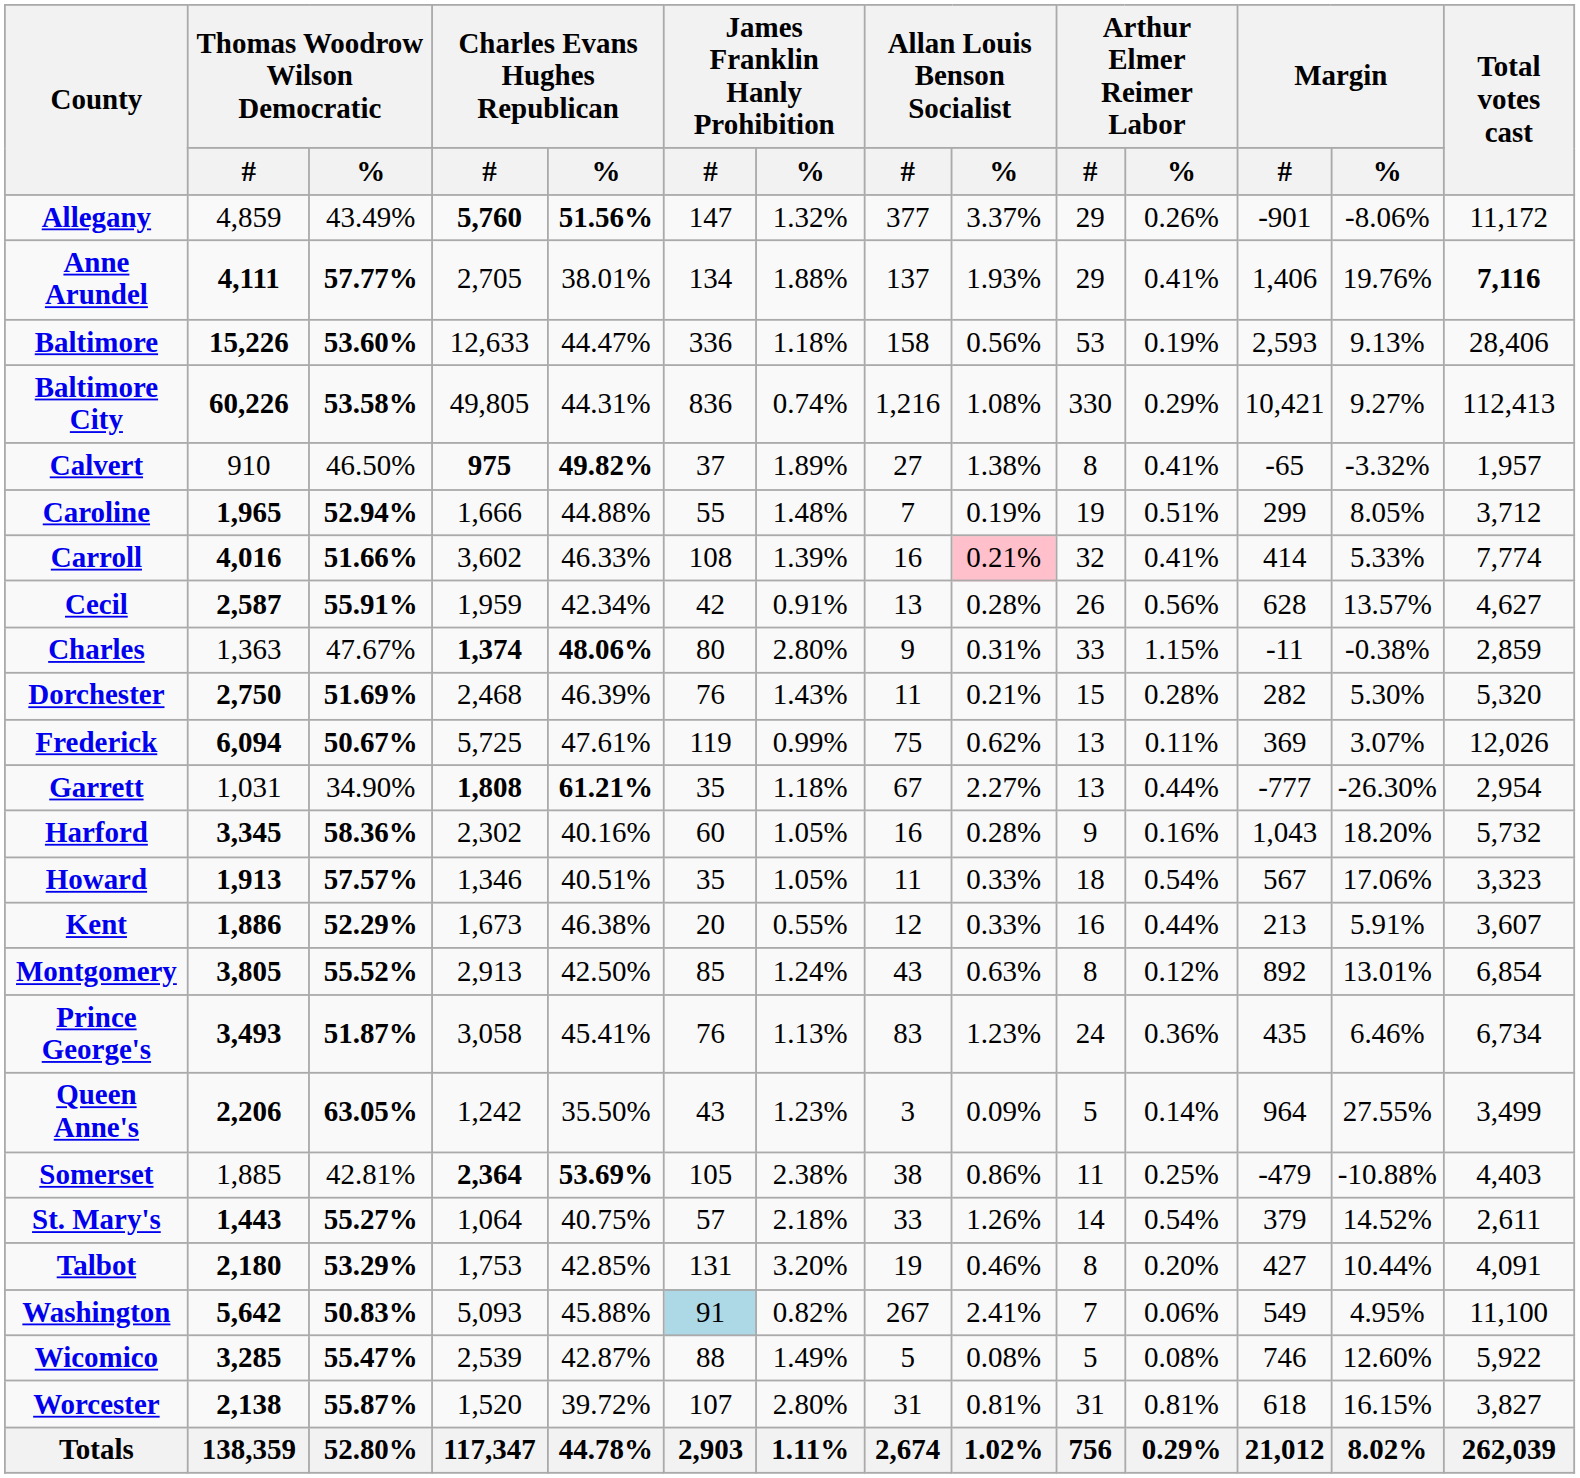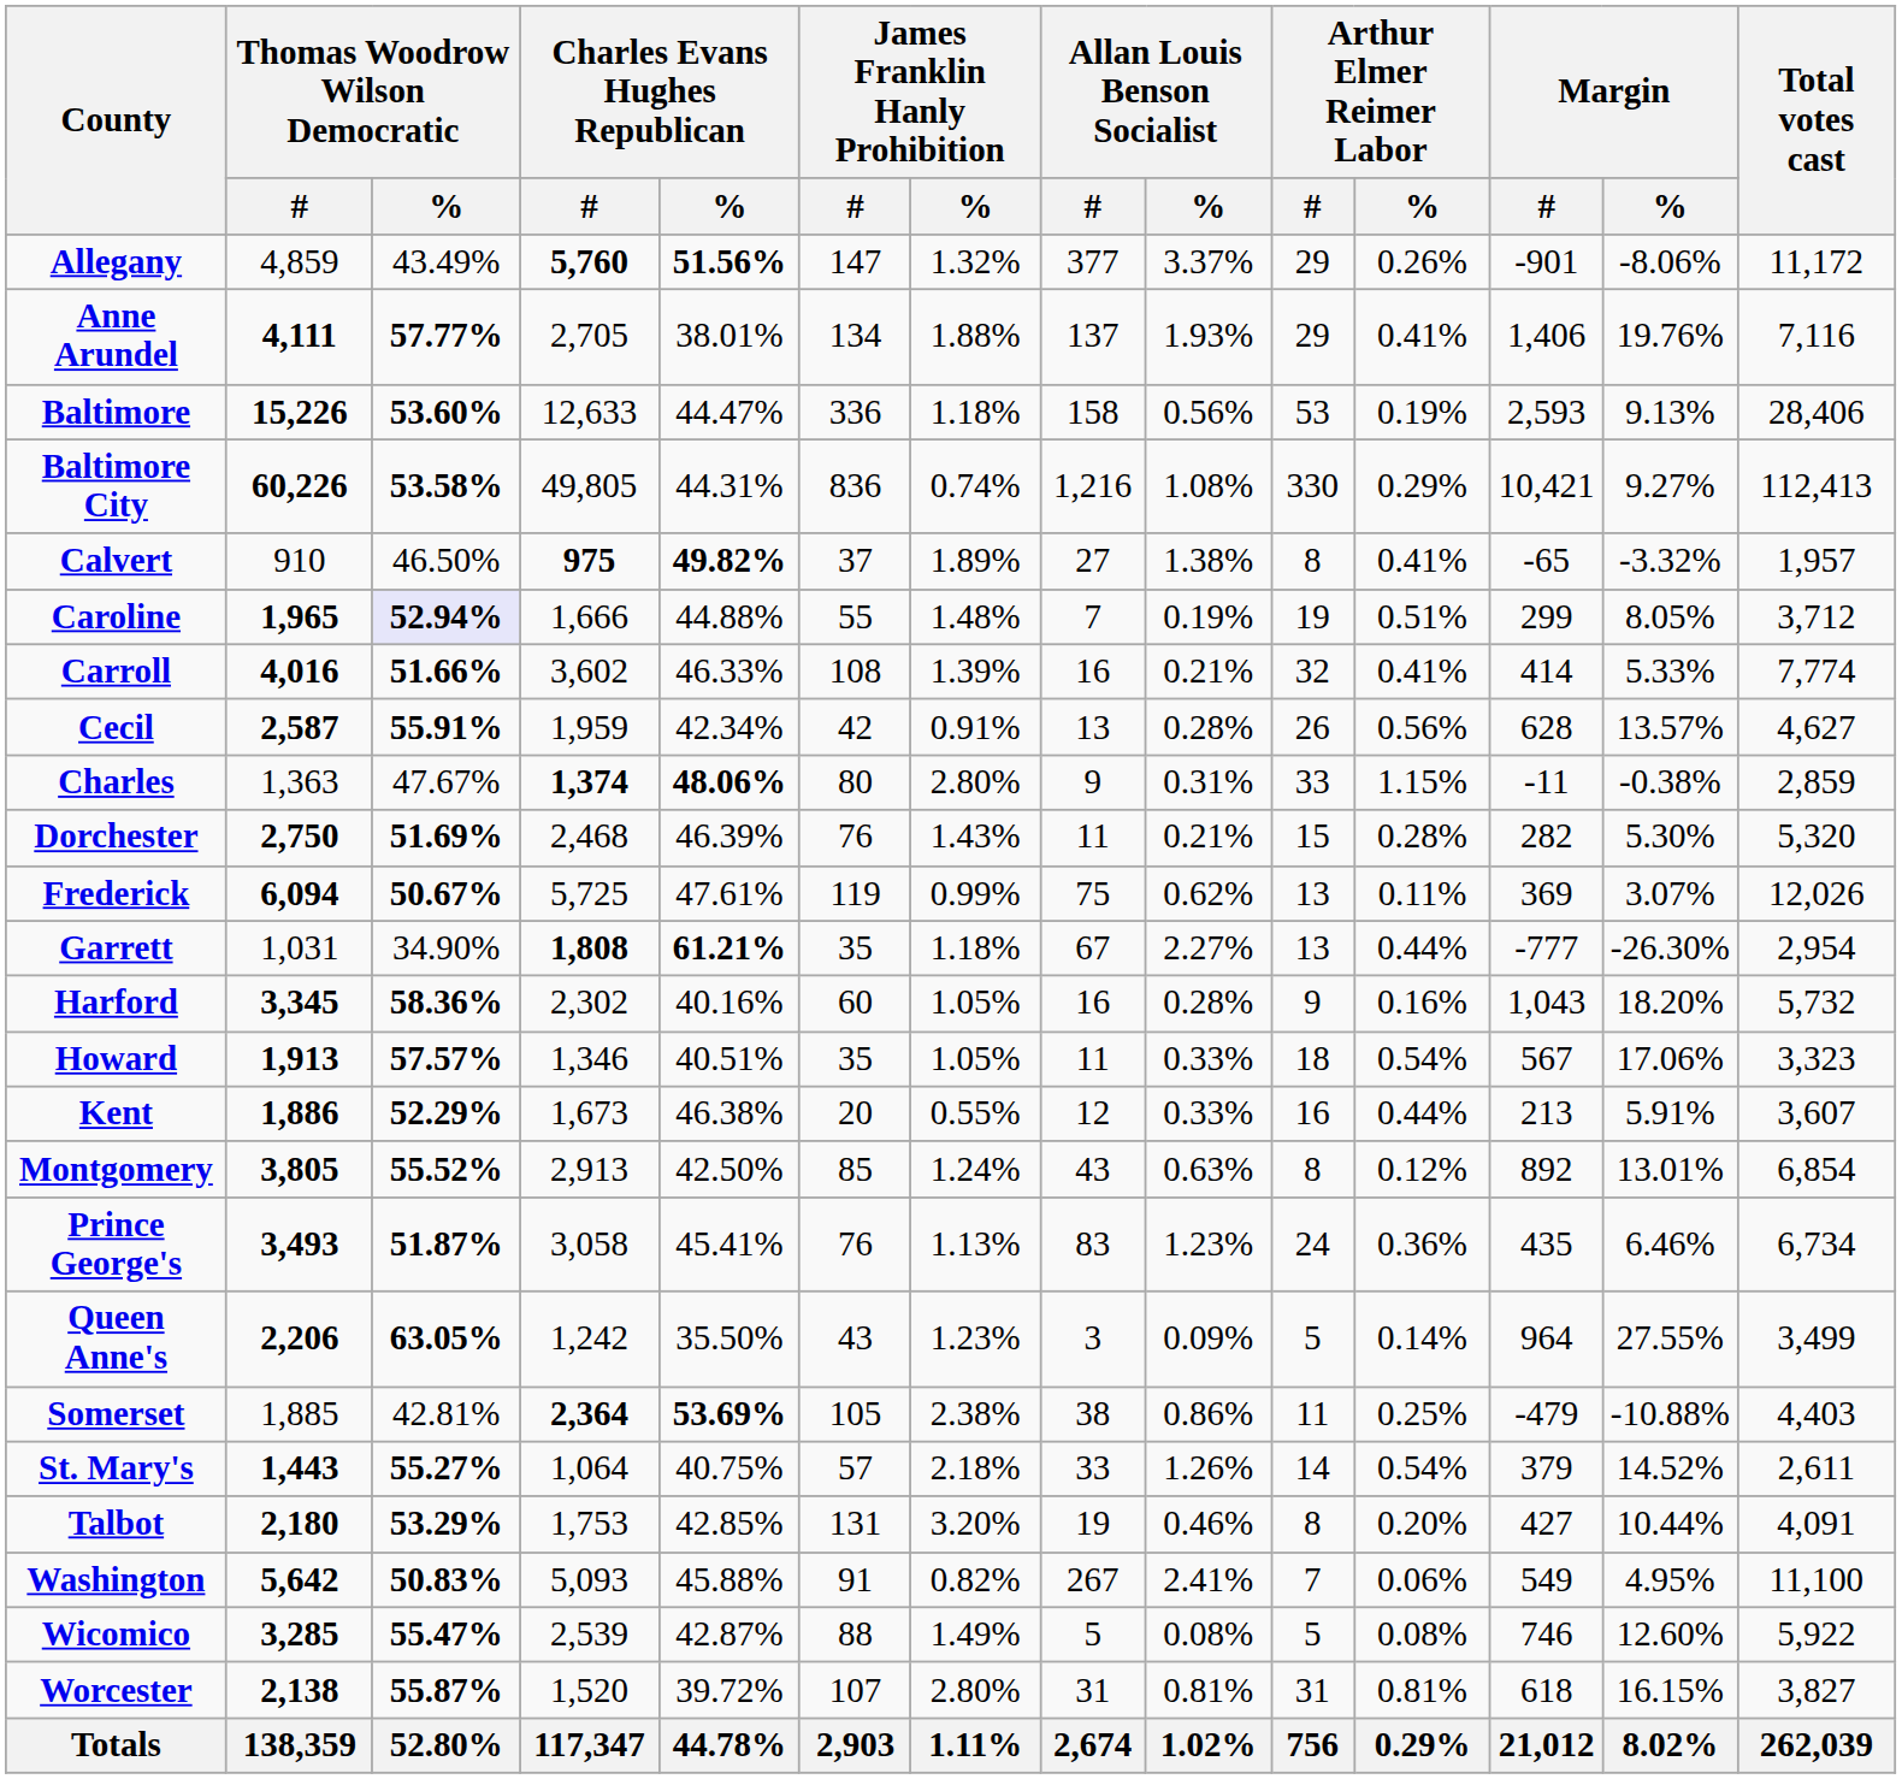 <table class="wikitable sortable" style="text-align:center">
 <tr>
 <th rowspan="2" style="text-align:center;">County</th>
 <th colspan="2" style="text-align:center;">Thomas Woodrow Wilson<br>Democratic</th>
 <th colspan="2" style="text-align:center;">Charles Evans Hughes<br>Republican</th>
 <th colspan="2" style="text-align:center;">James Franklin Hanly<br>Prohibition</th>
 <th colspan="2" style="text-align:center;">Allan Louis Benson<br>Socialist</th>
 <th colspan="2" style="text-align:center;">Arthur Elmer Reimer<br>Labor</th>
 <th colspan="2" style="text-align:center;">Margin</th>
 <th rowspan="2" style="text-align:center;">Total votes cast</th>
 </tr>
 <tr bgcolor="lightgrey">
 <th data-sort-type="number">#</th>
 <th data-sort-type="number">%</th>
 <th data-sort-type="number">#</th>
 <th data-sort-type="number">%</th>
 <th data-sort-type="number">#</th>
 <th data-sort-type="number">%</th>
 <th data-sort-type="number">#</th>
 <th data-sort-type="number">%</th>
 <th data-sort-type="number">#</th>
 <th data-sort-type="number">%</th>
 <th data-sort-type="number">#</th>
 <th data-sort-type="number">%</th>
 </tr>
 <tr style="text-align:center;">
 <td><strong><a href='#'>Allegany</a></strong></td>
 <td>4,859</td>
 <td>43.49%</td>
 <td><strong>5,760</strong></td>
 <td><strong>51.56%</strong></td>
 <td>147</td>
 <td>1.32%</td>
 <td>377</td>
 <td>3.37%</td>
 <td>29</td>
 <td>0.26%</td>
 <td>-901</td>
 <td>-8.06%</td>
 <td>11,172</td>
 </tr>
 <tr style="text-align:center;">
 <td><strong><a href='#'>Anne Arundel</a></strong></td>
 <td><strong>4,111</strong></td>
 <td><strong>57.77%</strong></td>
 <td>2,705</td>
 <td>38.01%</td>
 <td>134</td>
 <td>1.88%</td>
 <td>137</td>
 <td>1.93%</td>
 <td>29</td>
 <td>0.41%</td>
 <td>1,406</td>
 <td>19.76%</td>
-<td><strong>7,116</strong></td>
+<td>7,116</td>
 </tr>
 <tr style="text-align:center;">
 <td><strong><a href='#'>Baltimore</a></strong></td>
 <td><strong>15,226</strong></td>
 <td><strong>53.60%</strong></td>
 <td>12,633</td>
 <td>44.47%</td>
 <td>336</td>
 <td>1.18%</td>
 <td>158</td>
 <td>0.56%</td>
 <td>53</td>
 <td>0.19%</td>
 <td>2,593</td>
 <td>9.13%</td>
 <td>28,406</td>
 </tr>
 <tr style="text-align:center;">
 <td><strong><a href='#'>Baltimore City</a></strong></td>
 <td><strong>60,226</strong></td>
 <td><strong>53.58%</strong></td>
 <td>49,805</td>
 <td>44.31%</td>
 <td>836</td>
 <td>0.74%</td>
 <td>1,216</td>
 <td>1.08%</td>
 <td>330</td>
 <td>0.29%</td>
 <td>10,421</td>
 <td>9.27%</td>
 <td>112,413</td>
 </tr>
 <tr style="text-align:center;">
 <td><strong><a href='#'>Calvert</a></strong></td>
 <td>910</td>
 <td>46.50%</td>
 <td><strong>975</strong></td>
 <td><strong>49.82%</strong></td>
 <td>37</td>
 <td>1.89%</td>
 <td>27</td>
 <td>1.38%</td>
 <td>8</td>
 <td>0.41%</td>
 <td>-65</td>
 <td>-3.32%</td>
 <td>1,957</td>
 </tr>
 <tr style="text-align:center;">
 <td><strong><a href='#'>Caroline</a></strong></td>
 <td><strong>1,965</strong></td>
-<td><strong>52.94%</strong></td>
+<td style="background: lavender;"><strong>52.94%</strong></td>
 <td>1,666</td>
 <td>44.88%</td>
 <td>55</td>
 <td>1.48%</td>
 <td>7</td>
 <td>0.19%</td>
 <td>19</td>
 <td>0.51%</td>
 <td>299</td>
 <td>8.05%</td>
 <td>3,712</td>
 </tr>
 <tr style="text-align:center;">
 <td><strong><a href='#'>Carroll</a></strong></td>
 <td><strong>4,016</strong></td>
 <td><strong>51.66%</strong></td>
 <td>3,602</td>
 <td>46.33%</td>
 <td>108</td>
 <td>1.39%</td>
 <td>16</td>
-<td style="background: pink;">0.21%</td>
+<td>0.21%</td>
 <td>32</td>
 <td>0.41%</td>
 <td>414</td>
 <td>5.33%</td>
 <td>7,774</td>
 </tr>
 <tr style="text-align:center;">
 <td><strong><a href='#'>Cecil</a></strong></td>
 <td><strong>2,587</strong></td>
 <td><strong>55.91%</strong></td>
 <td>1,959</td>
 <td>42.34%</td>
 <td>42</td>
 <td>0.91%</td>
 <td>13</td>
 <td>0.28%</td>
 <td>26</td>
 <td>0.56%</td>
 <td>628</td>
 <td>13.57%</td>
 <td>4,627</td>
 </tr>
 <tr style="text-align:center;">
 <td><strong><a href='#'>Charles</a></strong></td>
 <td>1,363</td>
 <td>47.67%</td>
 <td><strong>1,374</strong></td>
 <td><strong>48.06%</strong></td>
 <td>80</td>
 <td>2.80%</td>
 <td>9</td>
 <td>0.31%</td>
 <td>33</td>
 <td>1.15%</td>
 <td>-11</td>
 <td>-0.38%</td>
 <td>2,859</td>
 </tr>
 <tr style="text-align:center;">
 <td><strong><a href='#'>Dorchester</a></strong></td>
 <td><strong>2,750</strong></td>
 <td><strong>51.69%</strong></td>
 <td>2,468</td>
 <td>46.39%</td>
 <td>76</td>
 <td>1.43%</td>
 <td>11</td>
 <td>0.21%</td>
 <td>15</td>
 <td>0.28%</td>
 <td>282</td>
 <td>5.30%</td>
 <td>5,320</td>
 </tr>
 <tr style="text-align:center;">
 <td><strong><a href='#'>Frederick</a></strong></td>
 <td><strong>6,094</strong></td>
 <td><strong>50.67%</strong></td>
 <td>5,725</td>
 <td>47.61%</td>
 <td>119</td>
 <td>0.99%</td>
 <td>75</td>
 <td>0.62%</td>
 <td>13</td>
 <td>0.11%</td>
 <td>369</td>
 <td>3.07%</td>
 <td>12,026</td>
 </tr>
 <tr style="text-align:center;">
 <td><strong><a href='#'>Garrett</a></strong></td>
 <td>1,031</td>
 <td>34.90%</td>
 <td><strong>1,808</strong></td>
 <td><strong>61.21%</strong></td>
 <td>35</td>
 <td>1.18%</td>
 <td>67</td>
 <td>2.27%</td>
 <td>13</td>
 <td>0.44%</td>
 <td>-777</td>
 <td>-26.30%</td>
 <td>2,954</td>
 </tr>
 <tr style="text-align:center;">
 <td><strong><a href='#'>Harford</a></strong></td>
 <td><strong>3,345</strong></td>
 <td><strong>58.36%</strong></td>
 <td>2,302</td>
 <td>40.16%</td>
 <td>60</td>
 <td>1.05%</td>
 <td>16</td>
 <td>0.28%</td>
 <td>9</td>
 <td>0.16%</td>
 <td>1,043</td>
 <td>18.20%</td>
 <td>5,732</td>
 </tr>
 <tr style="text-align:center;">
 <td><strong><a href='#'>Howard</a></strong></td>
 <td><strong>1,913</strong></td>
 <td><strong>57.57%</strong></td>
 <td>1,346</td>
 <td>40.51%</td>
 <td>35</td>
 <td>1.05%</td>
 <td>11</td>
 <td>0.33%</td>
 <td>18</td>
 <td>0.54%</td>
 <td>567</td>
 <td>17.06%</td>
 <td>3,323</td>
 </tr>
 <tr style="text-align:center;">
 <td><strong><a href='#'>Kent</a></strong></td>
 <td><strong>1,886</strong></td>
 <td><strong>52.29%</strong></td>
 <td>1,673</td>
 <td>46.38%</td>
 <td>20</td>
 <td>0.55%</td>
 <td>12</td>
 <td>0.33%</td>
 <td>16</td>
 <td>0.44%</td>
 <td>213</td>
 <td>5.91%</td>
 <td>3,607</td>
 </tr>
 <tr style="text-align:center;">
 <td><strong><a href='#'>Montgomery</a></strong></td>
 <td><strong>3,805</strong></td>
 <td><strong>55.52%</strong></td>
 <td>2,913</td>
 <td>42.50%</td>
 <td>85</td>
 <td>1.24%</td>
 <td>43</td>
 <td>0.63%</td>
 <td>8</td>
 <td>0.12%</td>
 <td>892</td>
 <td>13.01%</td>
 <td>6,854</td>
 </tr>
 <tr style="text-align:center;">
 <td><strong><a href='#'>Prince George's</a></strong></td>
 <td><strong>3,493</strong></td>
 <td><strong>51.87%</strong></td>
 <td>3,058</td>
 <td>45.41%</td>
 <td>76</td>
 <td>1.13%</td>
 <td>83</td>
 <td>1.23%</td>
 <td>24</td>
 <td>0.36%</td>
 <td>435</td>
 <td>6.46%</td>
 <td>6,734</td>
 </tr>
 <tr style="text-align:center;">
 <td><strong><a href='#'>Queen Anne's</a></strong></td>
 <td><strong>2,206</strong></td>
 <td><strong>63.05%</strong></td>
 <td>1,242</td>
 <td>35.50%</td>
 <td>43</td>
 <td>1.23%</td>
 <td>3</td>
 <td>0.09%</td>
 <td>5</td>
 <td>0.14%</td>
 <td>964</td>
 <td>27.55%</td>
 <td>3,499</td>
 </tr>
 <tr style="text-align:center;">
 <td><strong><a href='#'>Somerset</a></strong></td>
 <td>1,885</td>
 <td>42.81%</td>
 <td><strong>2,364</strong></td>
 <td><strong>53.69%</strong></td>
 <td>105</td>
 <td>2.38%</td>
 <td>38</td>
 <td>0.86%</td>
 <td>11</td>
 <td>0.25%</td>
 <td>-479</td>
 <td>-10.88%</td>
 <td>4,403</td>
 </tr>
 <tr style="text-align:center;">
 <td><strong><a href='#'>St. Mary's</a></strong></td>
 <td><strong>1,443</strong></td>
 <td><strong>55.27%</strong></td>
 <td>1,064</td>
 <td>40.75%</td>
 <td>57</td>
 <td>2.18%</td>
 <td>33</td>
 <td>1.26%</td>
 <td>14</td>
 <td>0.54%</td>
 <td>379</td>
 <td>14.52%</td>
 <td>2,611</td>
 </tr>
 <tr style="text-align:center;">
 <td><strong><a href='#'>Talbot</a></strong></td>
 <td><strong>2,180</strong></td>
 <td><strong>53.29%</strong></td>
 <td>1,753</td>
 <td>42.85%</td>
 <td>131</td>
 <td>3.20%</td>
 <td>19</td>
 <td>0.46%</td>
 <td>8</td>
 <td>0.20%</td>
 <td>427</td>
 <td>10.44%</td>
 <td>4,091</td>
 </tr>
 <tr style="text-align:center;">
 <td><strong><a href='#'>Washington</a></strong></td>
 <td><strong>5,642</strong></td>
 <td><strong>50.83%</strong></td>
 <td>5,093</td>
 <td>45.88%</td>
-<td style="background: lightblue;">91</td>
+<td>91</td>
 <td>0.82%</td>
 <td>267</td>
 <td>2.41%</td>
 <td>7</td>
 <td>0.06%</td>
 <td>549</td>
 <td>4.95%</td>
 <td>11,100</td>
 </tr>
 <tr style="text-align:center;">
 <td><strong><a href='#'>Wicomico</a></strong></td>
 <td><strong>3,285</strong></td>
 <td><strong>55.47%</strong></td>
 <td>2,539</td>
 <td>42.87%</td>
 <td>88</td>
 <td>1.49%</td>
 <td>5</td>
 <td>0.08%</td>
 <td>5</td>
 <td>0.08%</td>
 <td>746</td>
 <td>12.60%</td>
 <td>5,922</td>
 </tr>
 <tr style="text-align:center;">
 <td><strong><a href='#'>Worcester</a></strong></td>
 <td><strong>2,138</strong></td>
 <td><strong>55.87%</strong></td>
 <td>1,520</td>
 <td>39.72%</td>
 <td>107</td>
 <td>2.80%</td>
 <td>31</td>
 <td>0.81%</td>
 <td>31</td>
 <td>0.81%</td>
 <td>618</td>
 <td>16.15%</td>
 <td>3,827</td>
 </tr>
 <tr style="text-align:center;">
 <th>Totals</th>
 <th>138,359</th>
 <th>52.80%</th>
 <th>117,347</th>
 <th>44.78%</th>
 <th>2,903</th>
 <th>1.11%</th>
 <th>2,674</th>
 <th>1.02%</th>
 <th>756</th>
 <th>0.29%</th>
 <th>21,012</th>
 <th>8.02%</th>
 <th>262,039</th>
 </tr>
 </table>
